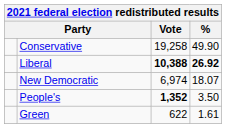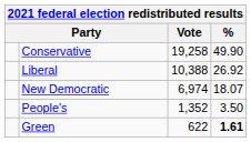 <table class="wikitable">
 <tr>
 <th colspan="4"><a href='#'>2021 federal election</a> redistributed results</th>
 </tr>
 <tr>
 <th bgcolor="#DDDDFF" width="130px" colspan="2">Party</th>
 <th bgcolor="#DDDDFF" width="50px">Vote</th>
 <th bgcolor="#DDDDFF" width="30px">%</th>
 </tr>
 <tr>
 <td> </td>
 <td><a href='#'>Conservative</a></td>
 <td align=right>19,258</td>
 <td align=right>49.90</td>
 </tr>
 <tr>
 <td> </td>
 <td><a href='#'>Liberal</a></td>
-<td align=right><strong>10,388</strong></td>
-<td align=right><strong>26.92</strong></td>
+<td align=right>10,388</td>
+<td align=right>26.92</td>
 </tr>
 <tr>
 <td> </td>
 <td><a href='#'>New Democratic</a></td>
 <td align=right>6,974</td>
 <td align=right>18.07</td>
 </tr>
 <tr>
 <td> </td>
 <td><a href='#'>People's</a></td>
-<td align=right><strong>1,352</strong></td>
+<td align=right>1,352</td>
 <td align=right>3.50</td>
 </tr>
 <tr>
 <td> </td>
 <td><a href='#'>Green</a></td>
 <td align=right>622</td>
-<td align=right>1.61</td>
+<td align=right><strong>1.61</strong></td>
 </tr>
 </table>
